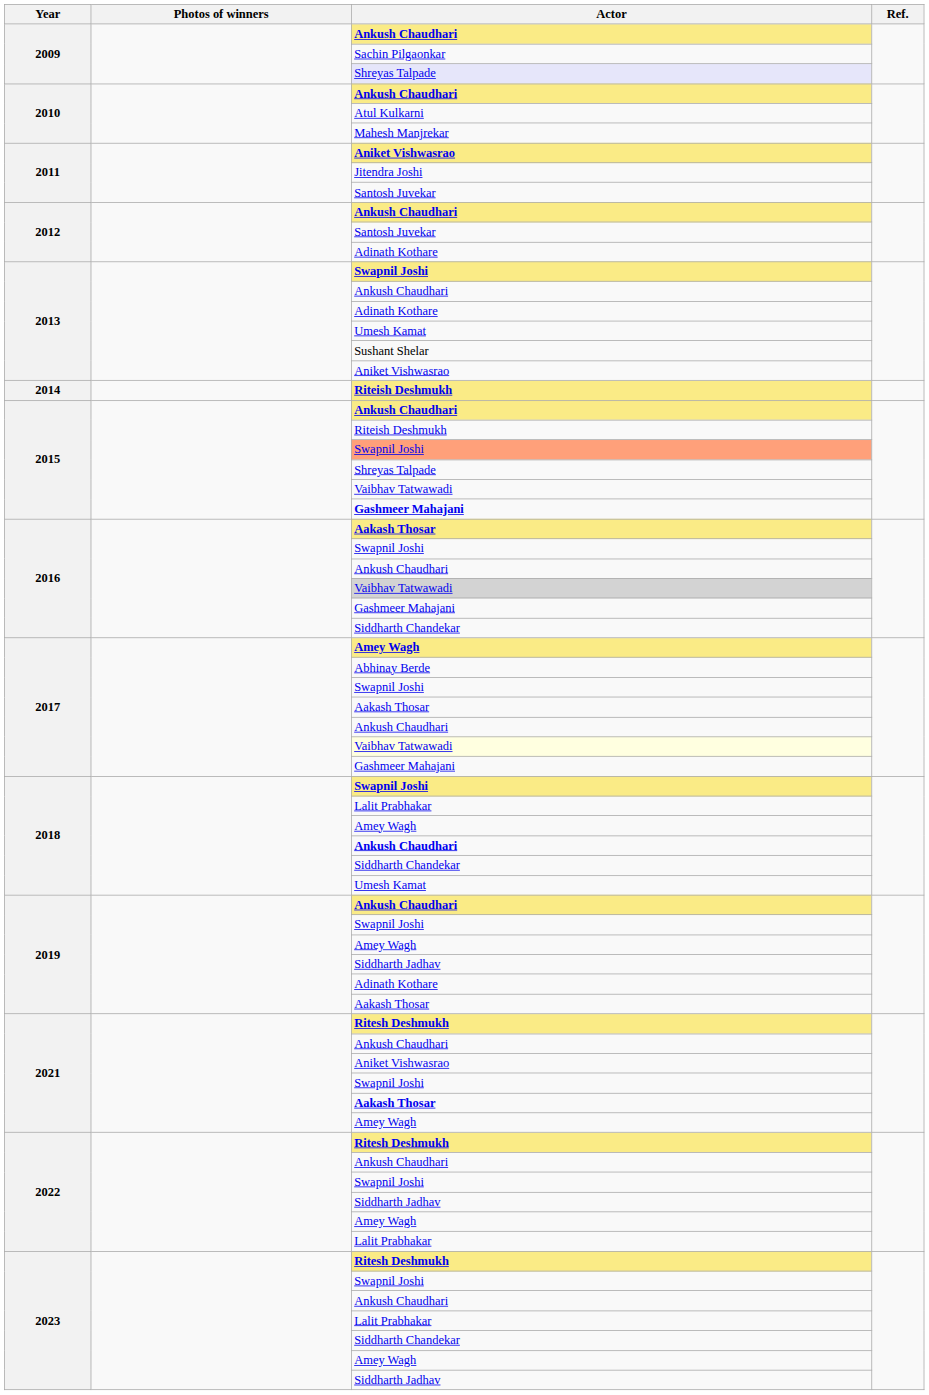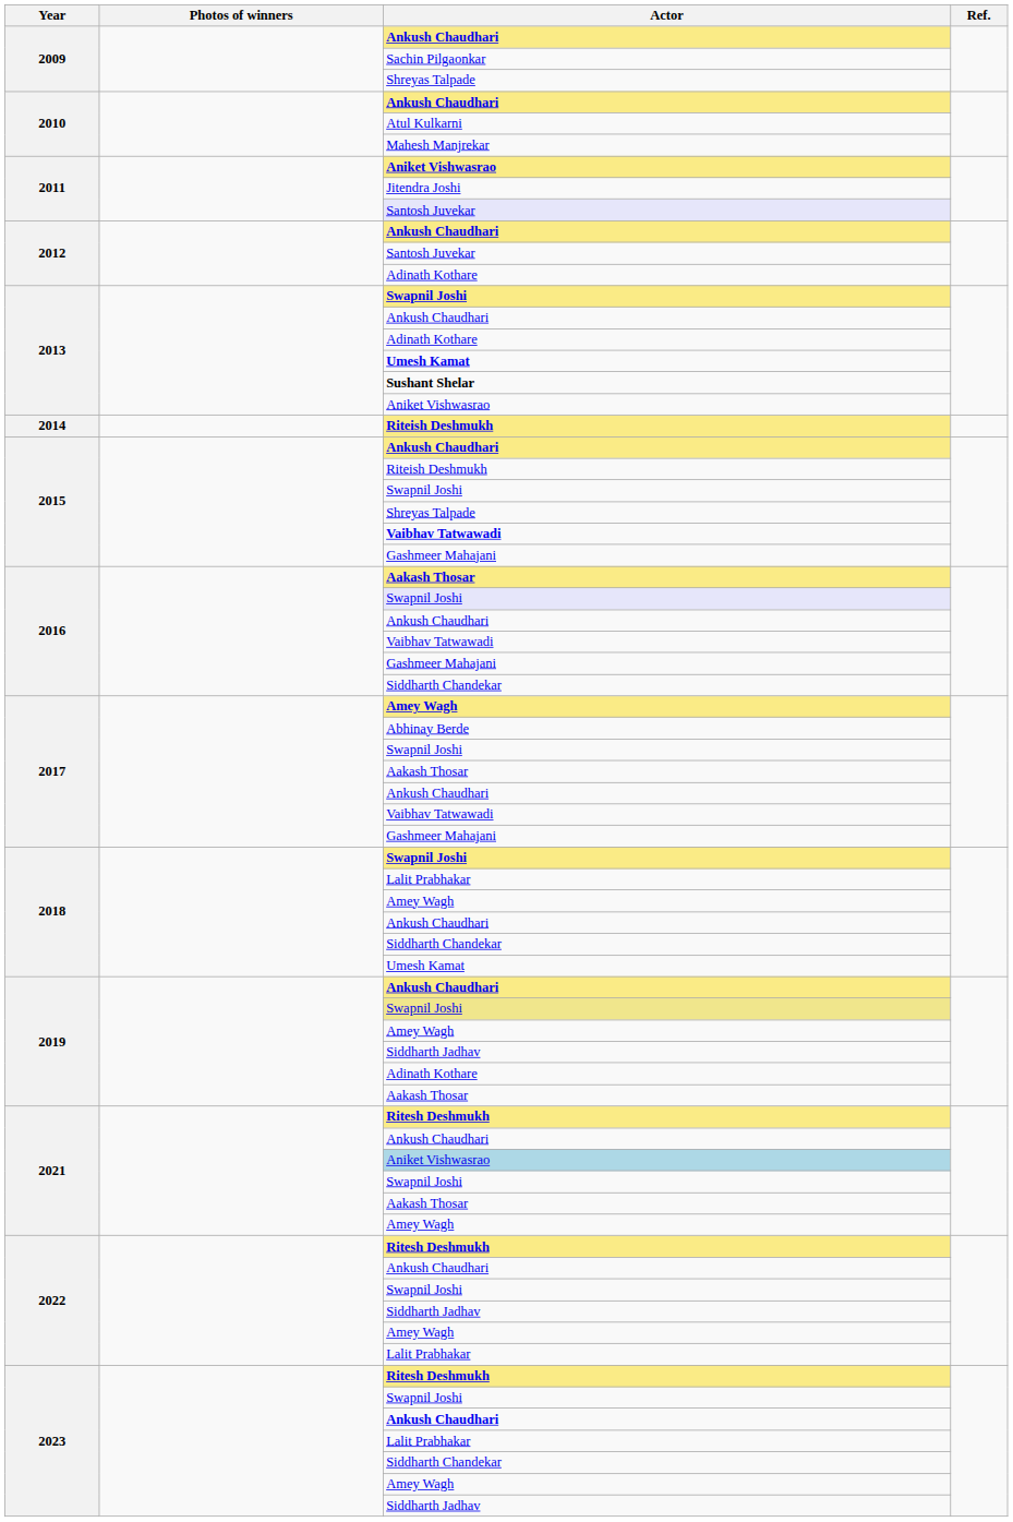 <table class="wikitable sortable" style="text-align:left;">
 <tr>
 <th scope="col" style="width:5%; text-align:center;">Year</th>
 <th scope="col" style="width:15%;text-align:center;">Photos of winners</th>
 <th scope="col" style="width:30%;text-align:center;">Actor</th>
 <th scope="col" style="width:3%;text-align:center;">Ref.</th>
 </tr>
 <tr>
 <th rowspan="3" scope="row" style="text-align:center">2009</th>
 <td rowspan="3" style="text-align:center"></td>
 <td style="background:#FAEB86;"><strong><a href='#'>Ankush Chaudhari</a></strong></td>
 <td rowspan="3"></td>
 </tr>
 <tr>
 <td><a href='#'>Sachin Pilgaonkar</a></td>
 </tr>
 <tr>
-<td style="background: lavender;"><a href='#'>Shreyas Talpade</a></td>
+<td><a href='#'>Shreyas Talpade</a></td>
 </tr>
 <tr>
 <th rowspan="3">2010</th>
 <td rowspan="3" style="text-align:center"></td>
 <td style="background:#FAEB86;"><strong><a href='#'>Ankush Chaudhari</a></strong></td>
 <td rowspan="3"></td>
 </tr>
 <tr>
 <td><a href='#'>Atul Kulkarni</a></td>
 </tr>
 <tr>
 <td><a href='#'>Mahesh Manjrekar</a></td>
 </tr>
 <tr>
 <th rowspan="3">2011</th>
 <td rowspan="3" style="text-align:center"></td>
 <td style="background:#FAEB86;"><strong><a href='#'>Aniket Vishwasrao</a></strong></td>
 <td rowspan="3"></td>
 </tr>
 <tr>
 <td><a href='#'>Jitendra Joshi</a></td>
 </tr>
 <tr>
-<td><a href='#'>Santosh Juvekar</a></td>
+<td style="background: lavender;"><a href='#'>Santosh Juvekar</a></td>
 </tr>
 <tr>
 <th rowspan="3">2012</th>
 <td rowspan="3" style="text-align:center"></td>
 <td style="background:#FAEB86;"><strong><a href='#'>Ankush Chaudhari</a></strong></td>
 <td rowspan="3"></td>
 </tr>
 <tr>
 <td><a href='#'>Santosh Juvekar</a></td>
 </tr>
 <tr>
 <td><a href='#'>Adinath Kothare</a></td>
 </tr>
 <tr>
 <th rowspan="6">2013</th>
 <td rowspan="6" style="text-align:center"></td>
 <td style="background:#FAEB86;"><strong><a href='#'>Swapnil Joshi</a></strong></td>
 <td rowspan="6"></td>
 </tr>
 <tr>
 <td><a href='#'>Ankush Chaudhari</a></td>
 </tr>
 <tr>
 <td><a href='#'>Adinath Kothare</a></td>
 </tr>
 <tr>
-<td><a href='#'>Umesh Kamat</a></td>
+<td><strong><a href='#'>Umesh Kamat</a></strong></td>
 </tr>
 <tr>
-<td>Sushant Shelar</td>
+<td><strong>Sushant Shelar</strong></td>
 </tr>
 <tr>
 <td><a href='#'>Aniket Vishwasrao</a></td>
 </tr>
 <tr>
 <th>2014</th>
 <td style="text-align:center"></td>
 <td style="background:#FAEB86;"><strong><a href='#'>Riteish Deshmukh</a></strong></td>
 <td></td>
 </tr>
 <tr>
 <th rowspan="6">2015</th>
 <td rowspan="6" style="text-align:center"></td>
 <td style="background:#FAEB86;"><strong><a href='#'>Ankush Chaudhari</a></strong></td>
 <td rowspan="6"></td>
 </tr>
 <tr>
 <td><a href='#'>Riteish Deshmukh</a></td>
 </tr>
 <tr>
-<td style="background: lightsalmon;"><a href='#'>Swapnil Joshi</a></td>
+<td><a href='#'>Swapnil Joshi</a></td>
 </tr>
 <tr>
 <td><a href='#'>Shreyas Talpade</a></td>
 </tr>
 <tr>
-<td><a href='#'>Vaibhav Tatwawadi</a></td>
+<td><strong><a href='#'>Vaibhav Tatwawadi</a></strong></td>
 </tr>
 <tr>
-<td><strong><a href='#'>Gashmeer Mahajani</a></strong></td>
+<td><a href='#'>Gashmeer Mahajani</a></td>
 </tr>
 <tr>
 <th rowspan="6">2016</th>
 <td rowspan="6" style="text-align:center"></td>
 <td style="background:#FAEB86;"><strong><a href='#'>Aakash Thosar</a>         </strong></td>
 <td rowspan="6"></td>
 </tr>
 <tr>
-<td><a href='#'>Swapnil Joshi</a></td>
+<td style="background: lavender;"><a href='#'>Swapnil Joshi</a></td>
 </tr>
 <tr>
 <td><a href='#'>Ankush Chaudhari</a></td>
 </tr>
 <tr>
-<td style="background: lightgrey;"><a href='#'>Vaibhav Tatwawadi</a></td>
+<td><a href='#'>Vaibhav Tatwawadi</a></td>
 </tr>
 <tr>
 <td><a href='#'>Gashmeer Mahajani</a></td>
 </tr>
 <tr>
 <td><a href='#'>Siddharth Chandekar</a></td>
 </tr>
 <tr>
 <th rowspan="7">2017</th>
 <td rowspan="7" style="text-align:center"></td>
 <td style="background:#FAEB86;"><strong><a href='#'>Amey Wagh</a></strong></td>
 <td rowspan="7"></td>
 </tr>
 <tr>
 <td><a href='#'>Abhinay Berde</a></td>
 </tr>
 <tr>
 <td><a href='#'>Swapnil Joshi</a></td>
 </tr>
 <tr>
 <td><a href='#'>Aakash Thosar</a></td>
 </tr>
 <tr>
 <td><a href='#'>Ankush Chaudhari</a></td>
 </tr>
 <tr>
-<td style="background: lightyellow;"><a href='#'>Vaibhav Tatwawadi</a></td>
+<td><a href='#'>Vaibhav Tatwawadi</a></td>
 </tr>
 <tr>
 <td><a href='#'>Gashmeer Mahajani</a></td>
 </tr>
 <tr>
 <th rowspan="6">2018</th>
 <td rowspan="6" style="text-align:center"></td>
 <td style="background:#FAEB86;"><strong><a href='#'>Swapnil Joshi</a></strong></td>
 <td rowspan="6"></td>
 </tr>
 <tr>
 <td><a href='#'>Lalit Prabhakar</a></td>
 </tr>
 <tr>
 <td><a href='#'>Amey Wagh</a></td>
 </tr>
 <tr>
-<td><strong><a href='#'>Ankush Chaudhari</a></strong></td>
+<td><a href='#'>Ankush Chaudhari</a></td>
 </tr>
 <tr>
 <td><a href='#'>Siddharth Chandekar</a></td>
 </tr>
 <tr>
 <td><a href='#'>Umesh Kamat</a></td>
 </tr>
 <tr>
 <th rowspan="6">2019</th>
 <td rowspan="6" style="text-align:center"></td>
 <td style="background:#FAEB86;"><strong><a href='#'>Ankush Chaudhari</a></strong></td>
 <td rowspan="6"></td>
 </tr>
 <tr>
-<td><a href='#'>Swapnil Joshi</a></td>
+<td style="background: khaki;"><a href='#'>Swapnil Joshi</a></td>
 </tr>
 <tr>
 <td><a href='#'>Amey Wagh</a></td>
 </tr>
 <tr>
 <td><a href='#'>Siddharth Jadhav</a></td>
 </tr>
 <tr>
 <td><a href='#'>Adinath Kothare</a></td>
 </tr>
 <tr>
 <td><a href='#'>Aakash Thosar</a></td>
 </tr>
 <tr>
 <th rowspan="6">2021</th>
 <td rowspan="6" style="text-align:center"></td>
 <td style="background:#FAEB86;"><strong><a href='#'>Ritesh Deshmukh</a></strong></td>
 <td rowspan="6"></td>
 </tr>
 <tr>
 <td><a href='#'>Ankush Chaudhari</a></td>
 </tr>
 <tr>
-<td><a href='#'>Aniket Vishwasrao</a></td>
+<td style="background: lightblue;"><a href='#'>Aniket Vishwasrao</a></td>
 </tr>
 <tr>
 <td><a href='#'>Swapnil Joshi</a></td>
 </tr>
 <tr>
-<td><strong><a href='#'>Aakash Thosar</a></strong></td>
+<td><a href='#'>Aakash Thosar</a></td>
 </tr>
 <tr>
 <td><a href='#'>Amey Wagh</a></td>
 </tr>
 <tr>
 <th rowspan="6">2022</th>
 <td rowspan="6" style="text-align:center"></td>
 <td style="background:#FAEB86;"><a href='#'><strong>Ritesh Deshmukh</strong></a></td>
 <td rowspan="6"></td>
 </tr>
 <tr>
 <td><a href='#'>Ankush Chaudhari</a></td>
 </tr>
 <tr>
 <td><a href='#'>Swapnil Joshi</a></td>
 </tr>
 <tr>
 <td><a href='#'>Siddharth Jadhav</a></td>
 </tr>
 <tr>
 <td><a href='#'>Amey Wagh</a></td>
 </tr>
 <tr>
 <td><a href='#'>Lalit Prabhakar</a></td>
 </tr>
 <tr>
 <th rowspan="7">2023</th>
 <td rowspan="7" style="text-align:center"></td>
 <td style="background:#FAEB86;"><a href='#'><strong>Ritesh Deshmukh</strong></a></td>
 <td rowspan="7"></td>
 </tr>
 <tr>
 <td><a href='#'>Swapnil Joshi</a></td>
 </tr>
 <tr>
-<td><a href='#'>Ankush Chaudhari</a></td>
+<td><strong><a href='#'>Ankush Chaudhari</a></strong></td>
 </tr>
 <tr>
 <td><a href='#'>Lalit Prabhakar</a></td>
 </tr>
 <tr>
 <td><a href='#'>Siddharth Chandekar</a></td>
 </tr>
 <tr>
 <td><a href='#'>Amey Wagh</a></td>
 </tr>
 <tr>
 <td><a href='#'>Siddharth Jadhav</a></td>
 </tr>
 </table>
